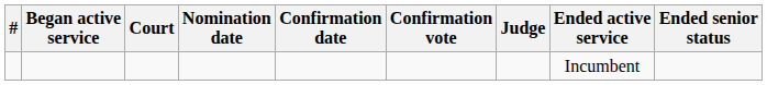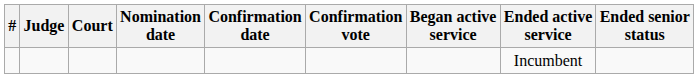 <table class="sortable wikitable">
 <tr bgcolor="#ececec">
 <th>#</th>
-<th>Began active<br>service</th>
+<th>Judge</th>
 <th>Court<br></th>
 <th>Nomination<br>date</th>
 <th>Confirmation<br>date</th>
 <th>Confirmation<br>vote</th>
-<th>Judge</th>
+<th>Began active<br>service</th>
 <th>Ended active<br>service</th>
 <th>Ended senior<br>status</th>
 </tr>
 <tr>
 <td></td>
 <td></td>
 <td></td>
 <td></td>
 <td></td>
 <td align="center"></td>
 <td></td>
 <td align="center">Incumbent</td>
 <td align="center"></td>
 </tr>
 </table>
